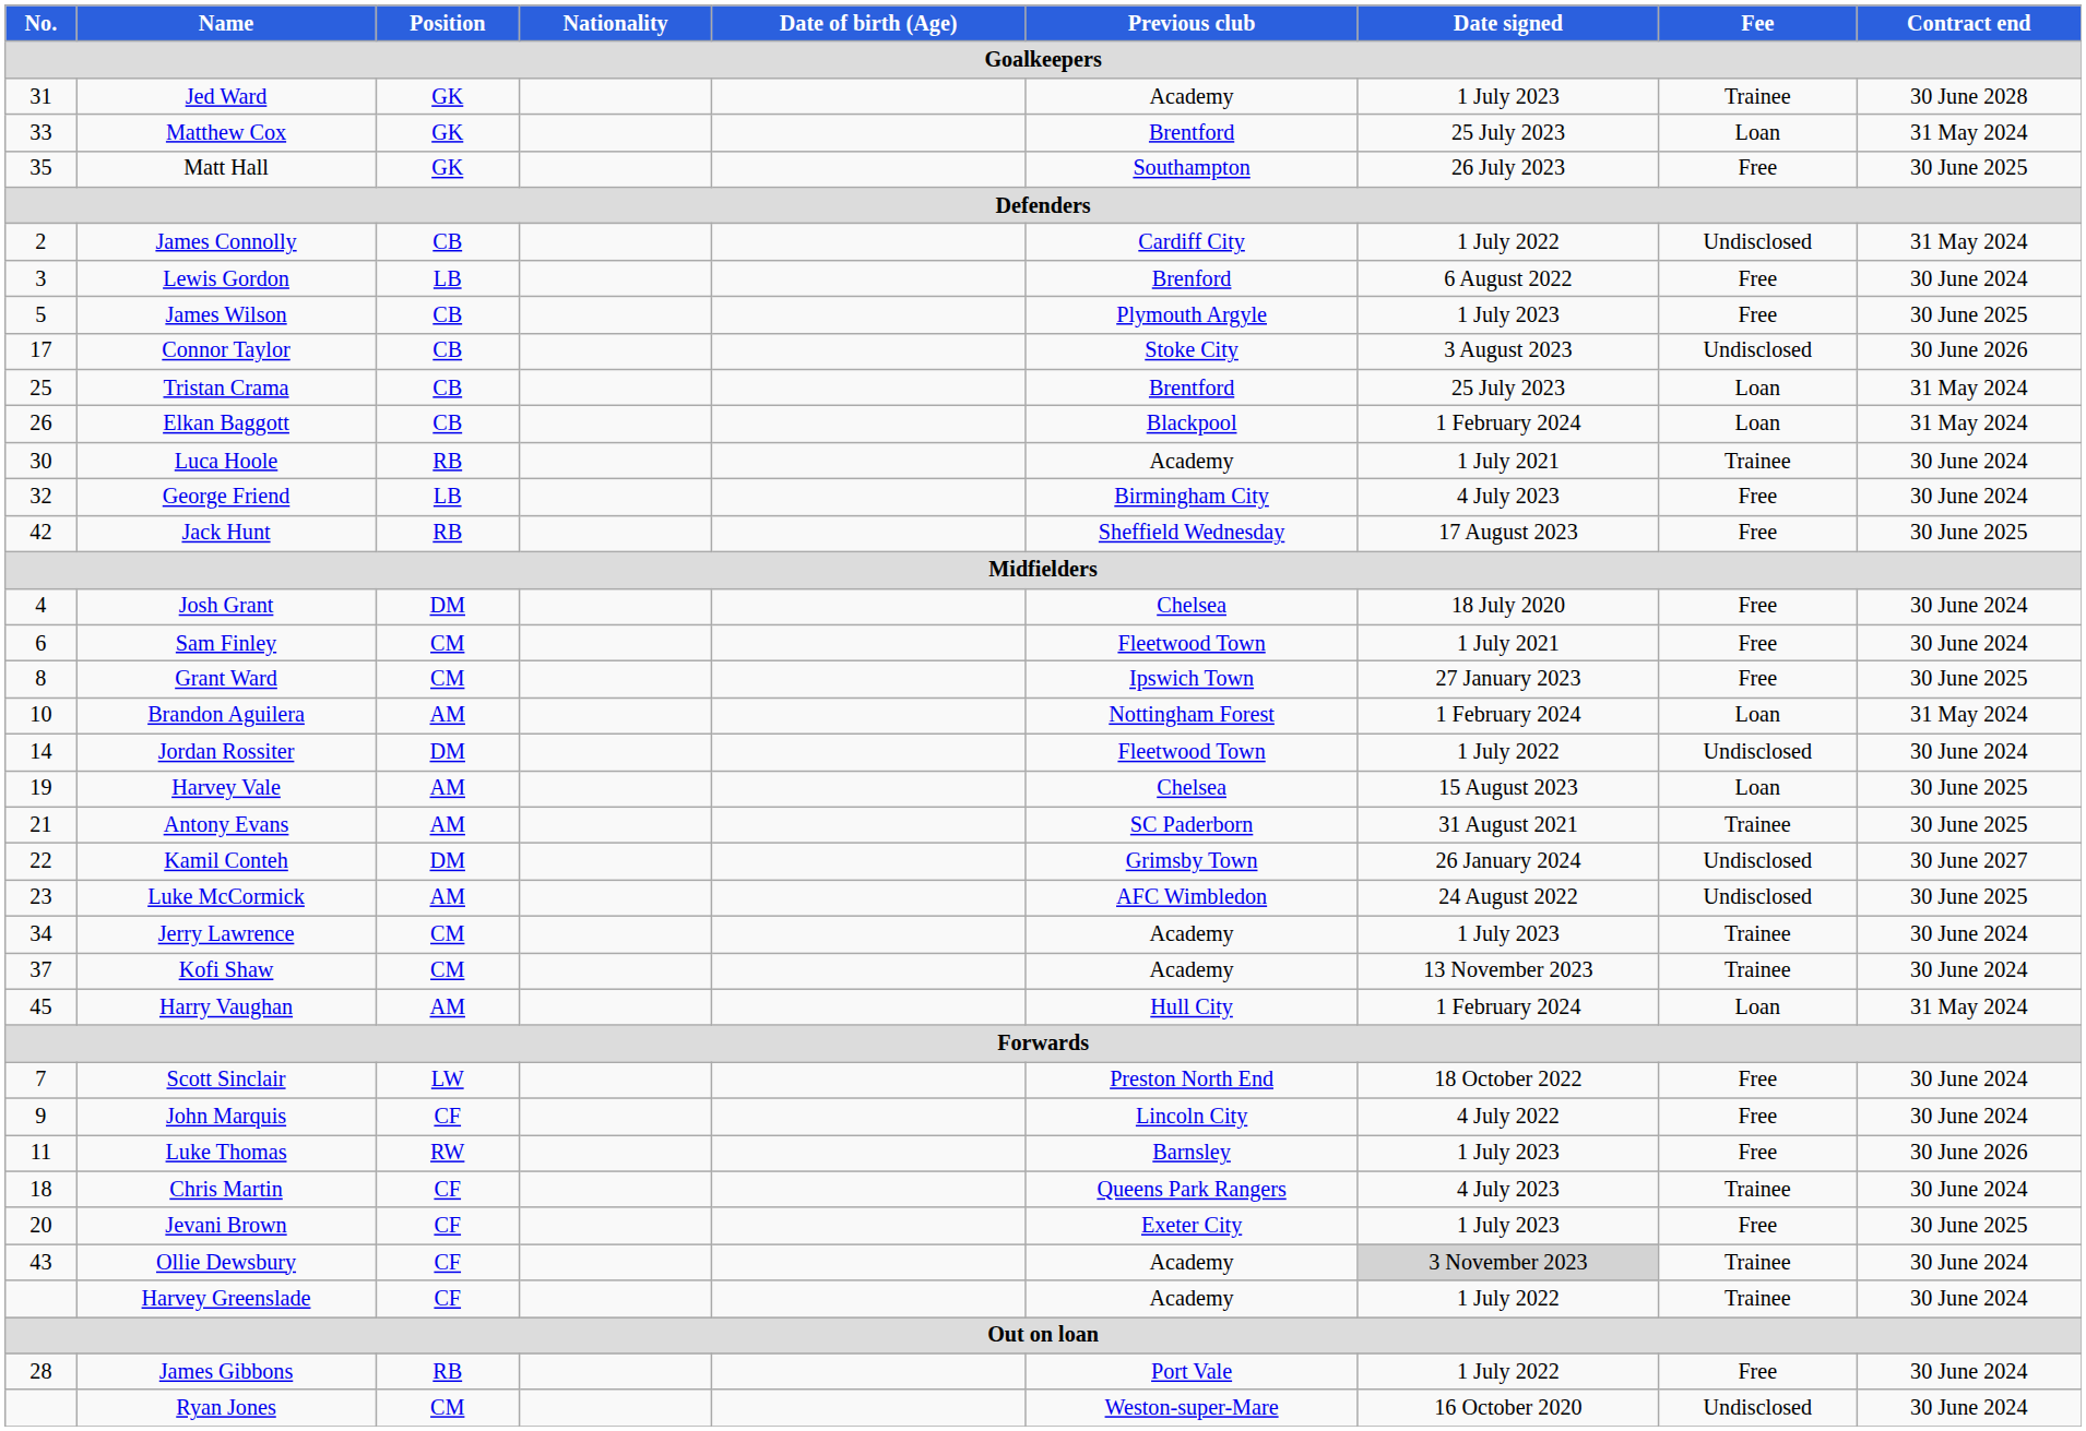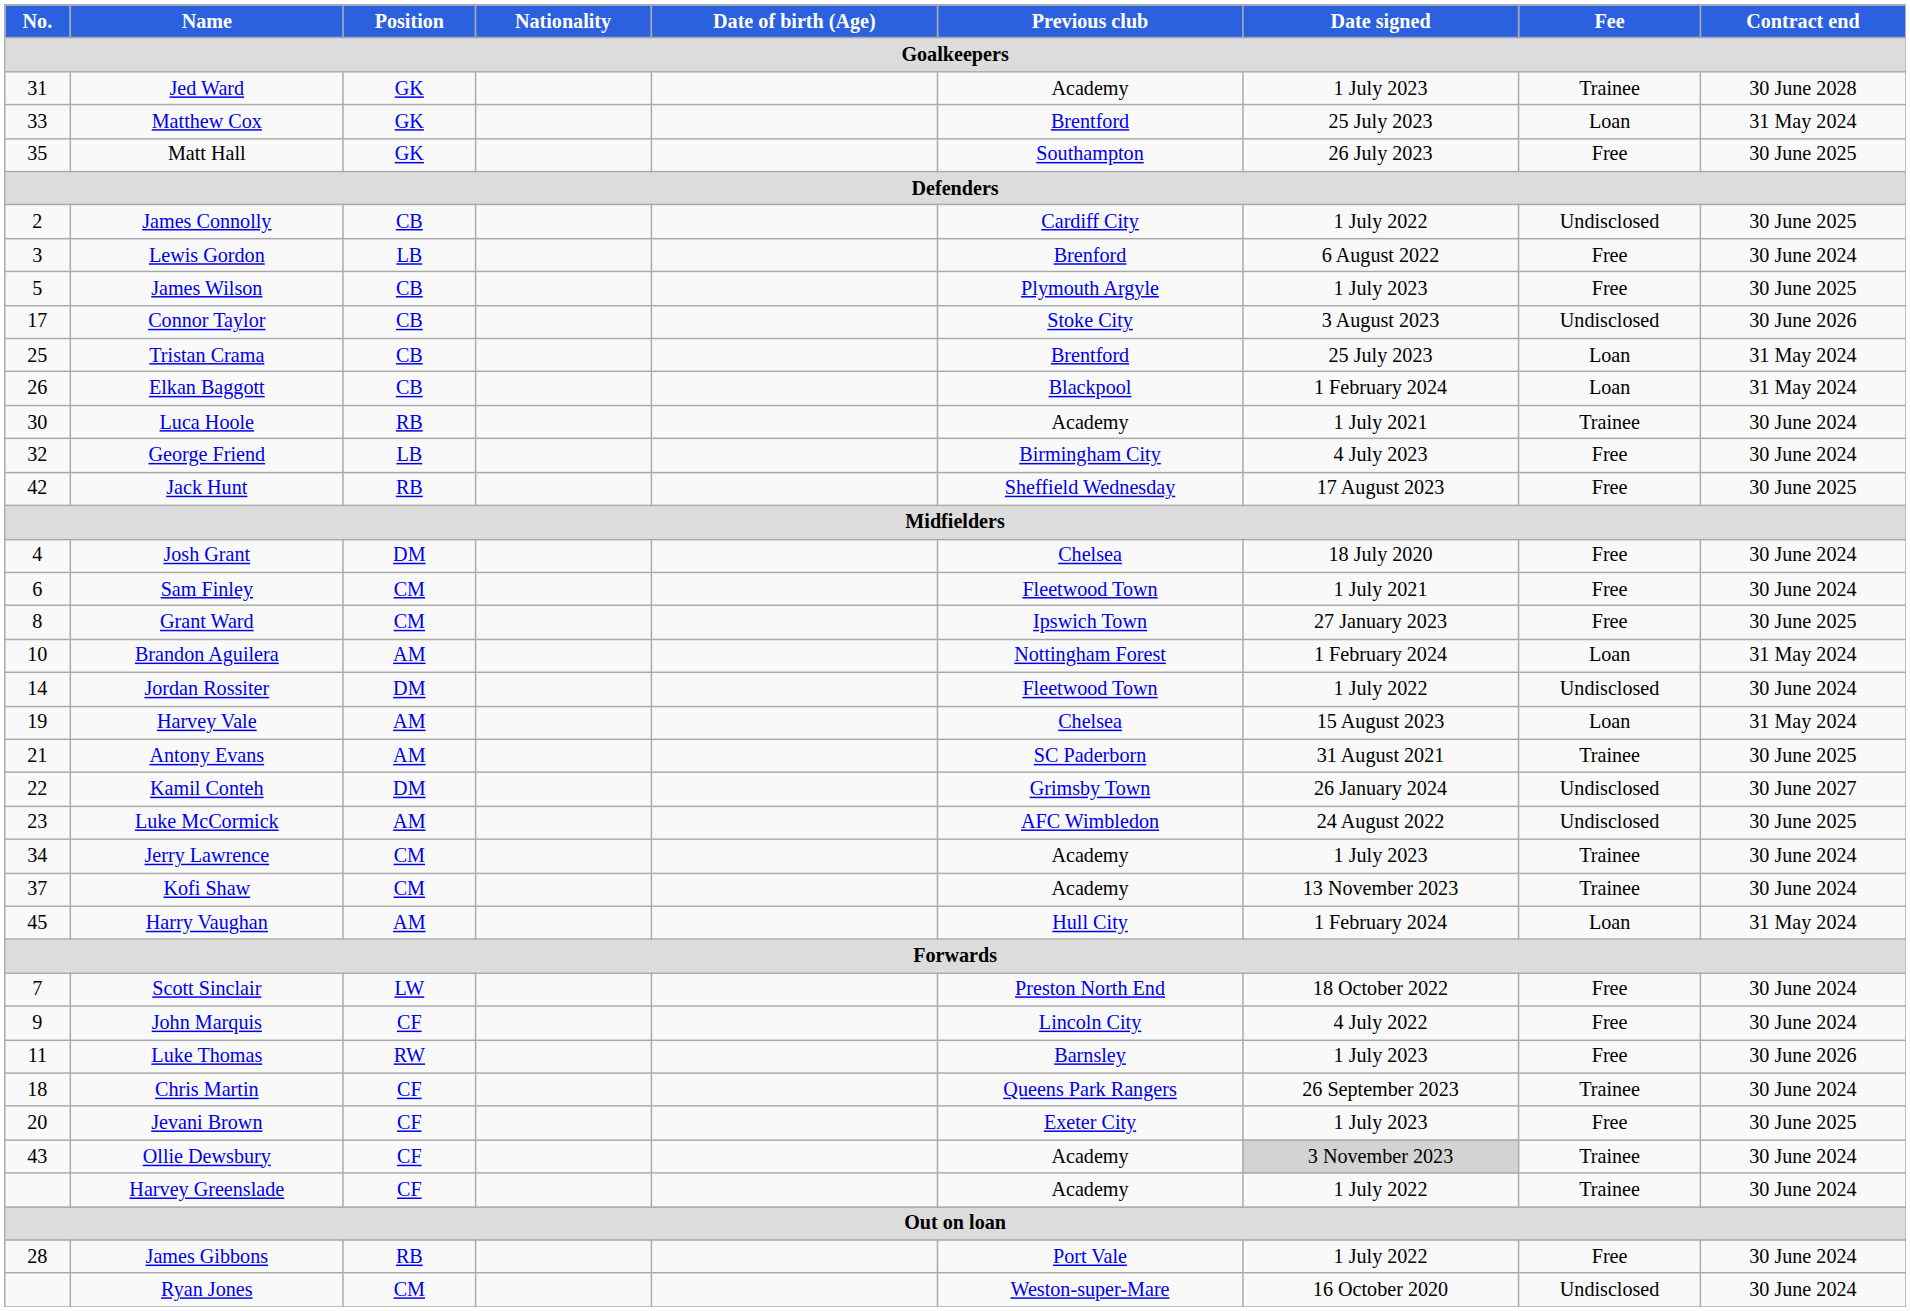 <table class="wikitable sortable" style="text-align:center; font-size:84.5%; width:101%;">
 <tr>
 <th style="background:#2B60DE; color:#fff; text-align:center;">No.</th>
 <th style="background:#2B60DE; color:#fff; text-align:center;">Name</th>
 <th style="background:#2B60DE; color:#fff; text-align:center;">Position</th>
 <th style="background:#2B60DE; color:#fff; text-align:center;">Nationality</th>
 <th style="background:#2B60DE; color:#fff; text-align:center;">Date of birth (Age)</th>
 <th style="background:#2B60DE; color:#fff; text-align:center;">Previous club</th>
 <th style="background:#2B60DE; color:#fff; text-align:center;">Date signed</th>
 <th style="background:#2B60DE; color:#fff; text-align:center;">Fee</th>
 <th style="background:#2B60DE; color:#fff; text-align:center;">Contract end</th>
 </tr>
 <tr>
 <th colspan="9" style="background:#dcdcdc; tepxt-align:center;">Goalkeepers</th>
 </tr>
 <tr>
 <td>31</td>
 <td><a href='#'>Jed Ward</a></td>
 <td><a href='#'>GK</a></td>
 <td></td>
 <td></td>
 <td>Academy</td>
 <td>1 July 2023</td>
 <td>Trainee</td>
 <td>30 June 2028</td>
 </tr>
 <tr>
 <td>33</td>
 <td><a href='#'>Matthew Cox</a></td>
 <td><a href='#'>GK</a></td>
 <td></td>
 <td></td>
 <td><a href='#'>Brentford</a></td>
 <td>25 July 2023</td>
 <td>Loan</td>
 <td>31 May 2024</td>
 </tr>
 <tr>
 <td>35</td>
 <td>Matt Hall</td>
 <td><a href='#'>GK</a></td>
 <td></td>
 <td></td>
 <td><a href='#'>Southampton</a></td>
 <td>26 July 2023</td>
 <td>Free</td>
 <td>30 June 2025</td>
 </tr>
 <tr>
 <th colspan="9" style="background:#dcdcdc; tepxt-align:center;">Defenders</th>
 </tr>
 <tr>
 <td>2</td>
 <td><a href='#'>James Connolly</a></td>
 <td><a href='#'>CB</a></td>
 <td></td>
 <td></td>
 <td><a href='#'>Cardiff City</a></td>
 <td>1 July 2022</td>
 <td>Undisclosed</td>
-<td>31 May 2024</td>
+<td>30 June 2025</td>
 </tr>
 <tr>
 <td>3</td>
 <td><a href='#'>Lewis Gordon</a></td>
 <td><a href='#'>LB</a></td>
 <td></td>
 <td></td>
 <td><a href='#'>Brenford</a></td>
 <td>6 August 2022</td>
 <td>Free</td>
 <td>30 June 2024</td>
 </tr>
 <tr>
 <td>5</td>
 <td><a href='#'>James Wilson</a></td>
 <td><a href='#'>CB</a></td>
 <td></td>
 <td></td>
 <td><a href='#'>Plymouth Argyle</a></td>
 <td>1 July 2023</td>
 <td>Free</td>
 <td>30 June 2025</td>
 </tr>
 <tr>
 <td>17</td>
 <td><a href='#'>Connor Taylor</a></td>
 <td><a href='#'>CB</a></td>
 <td></td>
 <td></td>
 <td><a href='#'>Stoke City</a></td>
 <td>3 August 2023</td>
 <td>Undisclosed</td>
 <td>30 June 2026</td>
 </tr>
 <tr>
 <td>25</td>
 <td><a href='#'>Tristan Crama</a></td>
 <td><a href='#'>CB</a></td>
 <td></td>
 <td></td>
 <td><a href='#'>Brentford</a></td>
 <td>25 July 2023</td>
 <td>Loan</td>
 <td>31 May 2024</td>
 </tr>
 <tr>
 <td>26</td>
 <td><a href='#'>Elkan Baggott</a></td>
 <td><a href='#'>CB</a></td>
 <td></td>
 <td></td>
 <td><a href='#'>Blackpool</a></td>
 <td>1 February 2024</td>
 <td>Loan</td>
 <td>31 May 2024</td>
 </tr>
 <tr>
 <td>30</td>
 <td><a href='#'>Luca Hoole</a></td>
 <td><a href='#'>RB</a></td>
 <td></td>
 <td></td>
 <td>Academy</td>
 <td>1 July 2021</td>
 <td>Trainee</td>
 <td>30 June 2024</td>
 </tr>
 <tr>
 <td>32</td>
 <td><a href='#'>George Friend</a></td>
 <td><a href='#'>LB</a></td>
 <td></td>
 <td></td>
 <td><a href='#'>Birmingham City</a></td>
 <td>4 July 2023</td>
 <td>Free</td>
 <td>30 June 2024</td>
 </tr>
 <tr>
 <td>42</td>
 <td><a href='#'>Jack Hunt</a></td>
 <td><a href='#'>RB</a></td>
 <td></td>
 <td></td>
 <td><a href='#'>Sheffield Wednesday</a></td>
 <td>17 August 2023</td>
 <td>Free</td>
 <td>30 June 2025</td>
 </tr>
 <tr>
 <th colspan="9" style="background:#dcdcdc; tepxt-align:center;">Midfielders</th>
 </tr>
 <tr>
 <td>4</td>
 <td><a href='#'>Josh Grant</a></td>
 <td><a href='#'>DM</a></td>
 <td></td>
 <td></td>
 <td><a href='#'>Chelsea</a></td>
 <td>18 July 2020</td>
 <td>Free</td>
 <td>30 June 2024</td>
 </tr>
 <tr>
 <td>6</td>
 <td><a href='#'>Sam Finley</a></td>
 <td><a href='#'>CM</a></td>
 <td></td>
 <td></td>
 <td><a href='#'>Fleetwood Town</a></td>
 <td>1 July 2021</td>
 <td>Free</td>
 <td>30 June 2024</td>
 </tr>
 <tr>
 <td>8</td>
 <td><a href='#'>Grant Ward</a></td>
 <td><a href='#'>CM</a></td>
 <td></td>
 <td></td>
 <td><a href='#'>Ipswich Town</a></td>
 <td>27 January 2023</td>
 <td>Free</td>
 <td>30 June 2025</td>
 </tr>
 <tr>
 <td>10</td>
 <td><a href='#'>Brandon Aguilera</a></td>
 <td><a href='#'>AM</a></td>
 <td></td>
 <td></td>
 <td><a href='#'>Nottingham Forest</a></td>
 <td>1 February 2024</td>
 <td>Loan</td>
 <td>31 May 2024</td>
 </tr>
 <tr>
 <td>14</td>
 <td><a href='#'>Jordan Rossiter</a></td>
 <td><a href='#'>DM</a></td>
 <td></td>
 <td></td>
 <td><a href='#'>Fleetwood Town</a></td>
 <td>1 July 2022</td>
 <td>Undisclosed</td>
 <td>30 June 2024</td>
 </tr>
 <tr>
 <td>19</td>
 <td><a href='#'>Harvey Vale</a></td>
 <td><a href='#'>AM</a></td>
 <td></td>
 <td></td>
 <td><a href='#'>Chelsea</a></td>
 <td>15 August 2023</td>
 <td>Loan</td>
-<td>30 June 2025</td>
+<td>31 May 2024</td>
 </tr>
 <tr>
 <td>21</td>
 <td><a href='#'>Antony Evans</a></td>
 <td><a href='#'>AM</a></td>
 <td></td>
 <td></td>
 <td><a href='#'>SC Paderborn</a></td>
 <td>31 August 2021</td>
 <td>Trainee</td>
 <td>30 June 2025</td>
 </tr>
 <tr>
 <td>22</td>
 <td><a href='#'>Kamil Conteh</a></td>
 <td><a href='#'>DM</a></td>
 <td></td>
 <td></td>
 <td><a href='#'>Grimsby Town</a></td>
 <td>26 January 2024</td>
 <td>Undisclosed</td>
 <td>30 June 2027</td>
 </tr>
 <tr>
 <td>23</td>
 <td><a href='#'>Luke McCormick</a></td>
 <td><a href='#'>AM</a></td>
 <td></td>
 <td></td>
 <td><a href='#'>AFC Wimbledon</a></td>
 <td>24 August 2022</td>
 <td>Undisclosed</td>
 <td>30 June 2025</td>
 </tr>
 <tr>
 <td>34</td>
 <td><a href='#'>Jerry Lawrence</a></td>
 <td><a href='#'>CM</a></td>
 <td></td>
 <td></td>
 <td>Academy</td>
 <td>1 July 2023</td>
 <td>Trainee</td>
 <td>30 June 2024</td>
 </tr>
 <tr>
 <td>37</td>
 <td><a href='#'>Kofi Shaw</a></td>
 <td><a href='#'>CM</a></td>
 <td></td>
 <td></td>
 <td>Academy</td>
 <td>13 November 2023</td>
 <td>Trainee</td>
 <td>30 June 2024</td>
 </tr>
 <tr>
 <td>45</td>
 <td><a href='#'>Harry Vaughan</a></td>
 <td><a href='#'>AM</a></td>
 <td></td>
 <td></td>
 <td><a href='#'>Hull City</a></td>
 <td>1 February 2024</td>
 <td>Loan</td>
 <td>31 May 2024</td>
 </tr>
 <tr>
 <th colspan="9" style="background:#dcdcdc; tepxt-align:center;">Forwards</th>
 </tr>
 <tr>
 <td>7</td>
 <td><a href='#'>Scott Sinclair</a></td>
 <td><a href='#'>LW</a></td>
 <td></td>
 <td></td>
 <td><a href='#'>Preston North End</a></td>
 <td>18 October 2022</td>
 <td>Free</td>
 <td>30 June 2024</td>
 </tr>
 <tr>
 <td>9</td>
 <td><a href='#'>John Marquis</a></td>
 <td><a href='#'>CF</a></td>
 <td></td>
 <td></td>
 <td><a href='#'>Lincoln City</a></td>
 <td>4 July 2022</td>
 <td>Free</td>
 <td>30 June 2024</td>
 </tr>
 <tr>
 <td>11</td>
 <td><a href='#'>Luke Thomas</a></td>
 <td><a href='#'>RW</a></td>
 <td></td>
 <td></td>
 <td><a href='#'>Barnsley</a></td>
 <td>1 July 2023</td>
 <td>Free</td>
 <td>30 June 2026</td>
 </tr>
 <tr>
 <td>18</td>
 <td><a href='#'>Chris Martin</a></td>
 <td><a href='#'>CF</a></td>
 <td></td>
 <td></td>
 <td><a href='#'>Queens Park Rangers</a></td>
-<td>4 July 2023</td>
+<td>26 September 2023</td>
 <td>Trainee</td>
 <td>30 June 2024</td>
 </tr>
 <tr>
 <td>20</td>
 <td><a href='#'>Jevani Brown</a></td>
 <td><a href='#'>CF</a></td>
 <td></td>
 <td></td>
 <td><a href='#'>Exeter City</a></td>
 <td>1 July 2023</td>
 <td>Free</td>
 <td>30 June 2025</td>
 </tr>
 <tr>
 <td>43</td>
 <td><a href='#'>Ollie Dewsbury</a></td>
 <td><a href='#'>CF</a></td>
 <td></td>
 <td></td>
 <td>Academy</td>
 <td style="background: lightgrey;">3 November 2023</td>
 <td>Trainee</td>
 <td>30 June 2024</td>
 </tr>
 <tr>
 <td></td>
 <td><a href='#'>Harvey Greenslade</a></td>
 <td><a href='#'>CF</a></td>
 <td></td>
 <td></td>
 <td>Academy</td>
 <td>1 July 2022</td>
 <td>Trainee</td>
 <td>30 June 2024</td>
 </tr>
 <tr>
 <th colspan="9" style="background:#dcdcdc; tepxt-align:center;">Out on loan</th>
 </tr>
 <tr>
 <td>28</td>
 <td><a href='#'>James Gibbons</a></td>
 <td><a href='#'>RB</a></td>
 <td></td>
 <td></td>
 <td><a href='#'>Port Vale</a></td>
 <td>1 July 2022</td>
 <td>Free</td>
 <td>30 June 2024</td>
 </tr>
 <tr>
 <td></td>
 <td><a href='#'>Ryan Jones</a></td>
 <td><a href='#'>CM</a></td>
 <td></td>
 <td></td>
 <td><a href='#'>Weston-super-Mare</a></td>
 <td>16 October 2020</td>
 <td>Undisclosed</td>
 <td>30 June 2024</td>
 </tr>
 </table>
